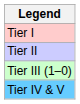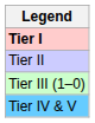 <table class=wikitable style="font-size:90%">
 <tr>
 <th>Legend</th>
 </tr>
 <tr>
-<td style="background:#fcc;">Tier I</td>
+<td style="background:#fcc;"><strong>Tier I</strong></td>
 </tr>
 <tr>
 <td style="background:#ccf;">Tier II</td>
 </tr>
 <tr>
 <td style="background:#cfc;">Tier III (1–0)</td>
 </tr>
 <tr>
 <td style="background:#6cf;">Tier IV & V</td>
 </tr>
 </table>
